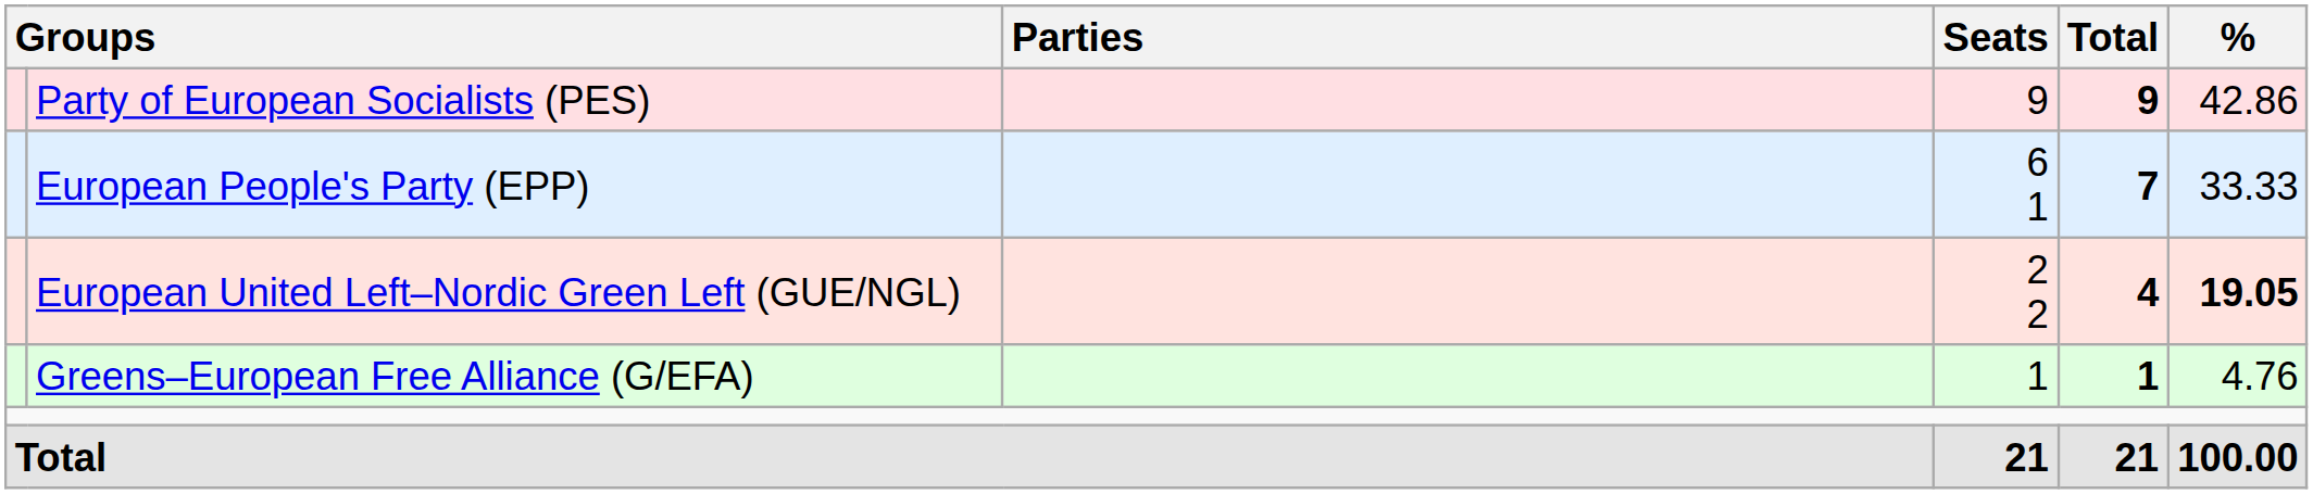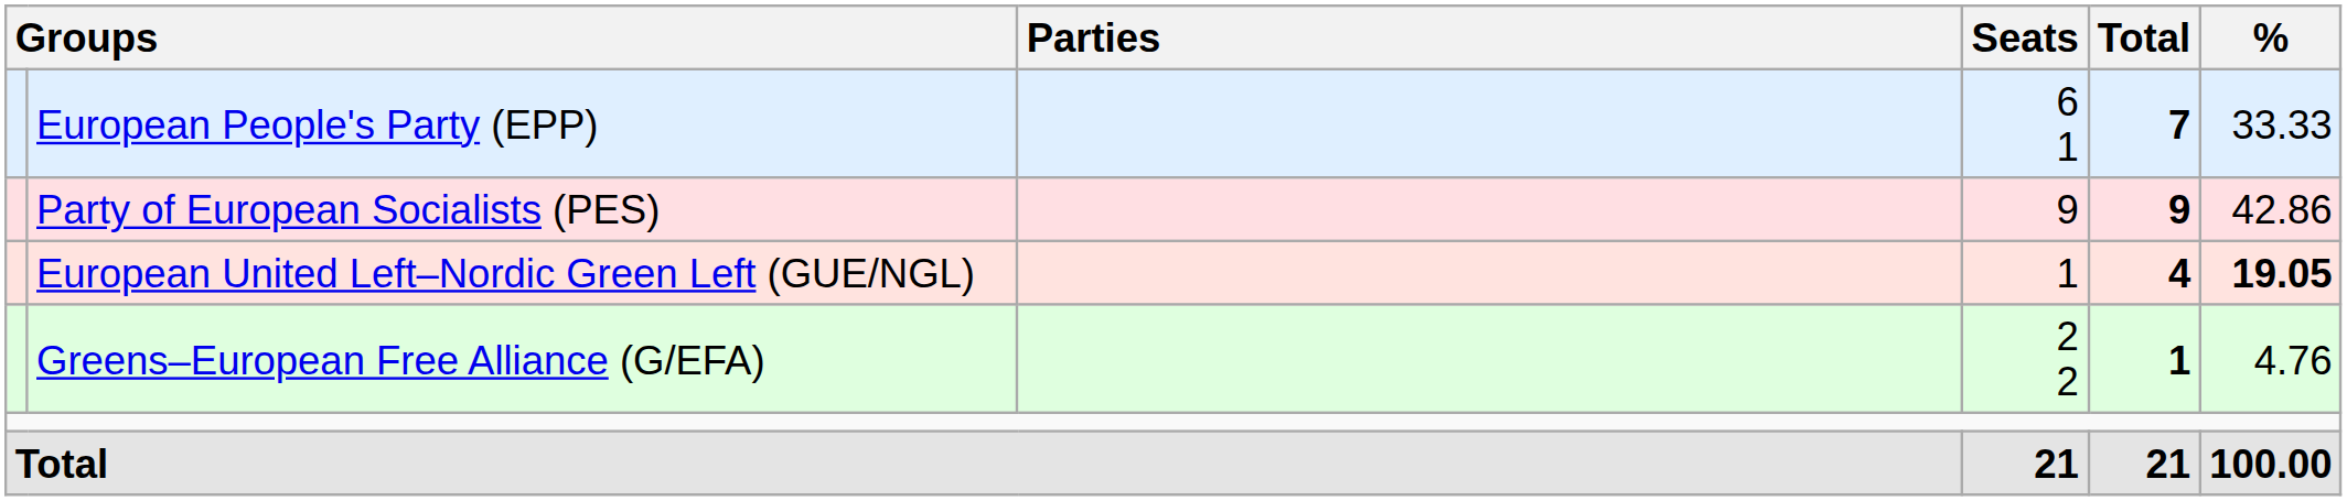 <table class="wikitable" style="text-align:right; font-size:95%; margin-bottom:0">
 <tr>
 <th style="text-align:left;" colspan="2" width="375">Groups</th>
 <th style="text-align:left;" width="350">Parties</th>
 <th width="35">Seats</th>
 <th width="35">Total</th>
 <th width="45">%</th>
+</tr>
+<tr style="background:#DFEFFF;">
+<td width="1" style="color:inherit;background:"></td>
+<td align="left"><a href='#'>European People's Party</a> (EPP)</td>
+<td align="left"></td>
+<td>6<br>1</td>
+<td><strong>7</strong></td>
+<td>33.33</td>
 </tr>
 <tr style="background:#FFDFE3;">
 <td style="color:inherit;background:"></td>
 <td align="left"><a href='#'>Party of European Socialists</a> (PES)</td>
 <td align="left"></td>
 <td>9</td>
 <td><strong>9</strong></td>
 <td>42.86</td>
 </tr>
-<tr style="background:#DFEFFF;">
-<td width="1" style="color:inherit;background:"></td>
-<td align="left"><a href='#'>European People's Party</a> (EPP)</td>
-<td align="left"></td>
-<td>6<br>1</td>
-<td><strong>7</strong></td>
-<td>33.33</td>
-</tr>
 <tr style="background:#FFE3DF;">
 <td style="color:inherit;background:"></td>
 <td align="left"><a href='#'>European United Left–Nordic Green Left</a> (GUE/NGL)</td>
 <td align="left"></td>
-<td>2<br>2</td>
+<td>1</td>
 <td><strong>4</strong></td>
 <td><strong>19.05</strong></td>
 </tr>
 <tr style="background:#DFFFDF;">
 <td style="color:inherit;background:"></td>
 <td align="left"><a href='#'>Greens–European Free Alliance</a> (G/EFA)</td>
 <td align="left"></td>
-<td>1</td>
+<td>2<br>2</td>
 <td><strong>1</strong></td>
 <td>4.76</td>
 </tr>
 <tr>
 <td colspan="6"></td>
 </tr>
 <tr style="background:#E4E4E4; font-weight:bold;">
 <td align="left" colspan="3">Total</td>
 <td>21</td>
 <td>21</td>
 <td>100.00</td>
 </tr>
 </table>
